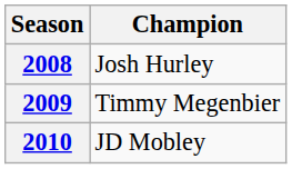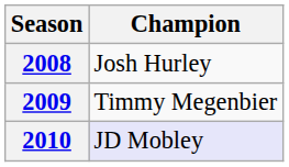 <table class="wikitable">
 <tr>
 <th>Season</th>
 <th>Champion</th>
 </tr>
 <tr>
 <th><a href='#'>2008</a></th>
 <td>Josh Hurley</td>
 </tr>
 <tr>
 <th><a href='#'>2009</a></th>
 <td>Timmy Megenbier</td>
 </tr>
 <tr>
 <th><a href='#'>2010</a></th>
-<td>JD Mobley</td>
+<td style="background: lavender;">JD Mobley</td>
 </tr>
 </table>
